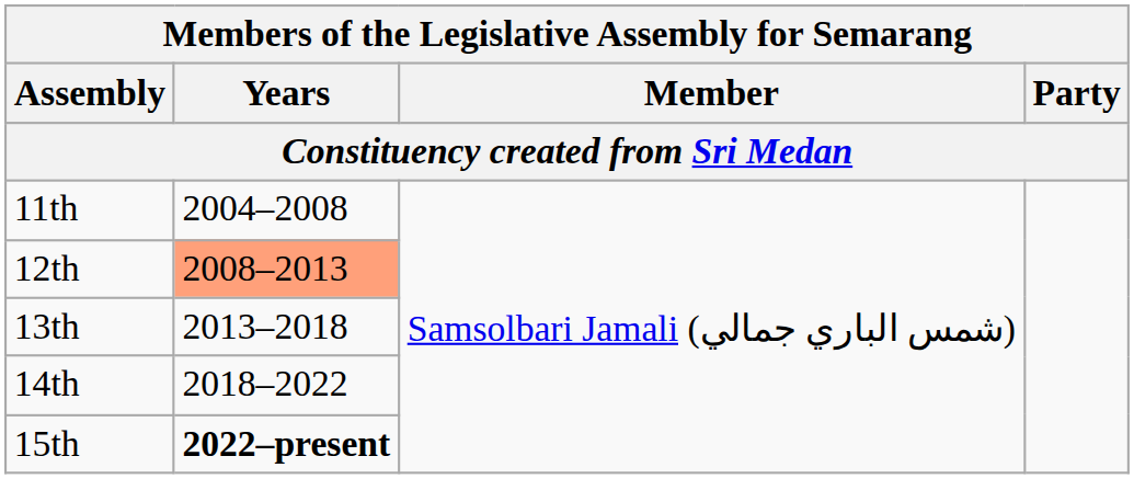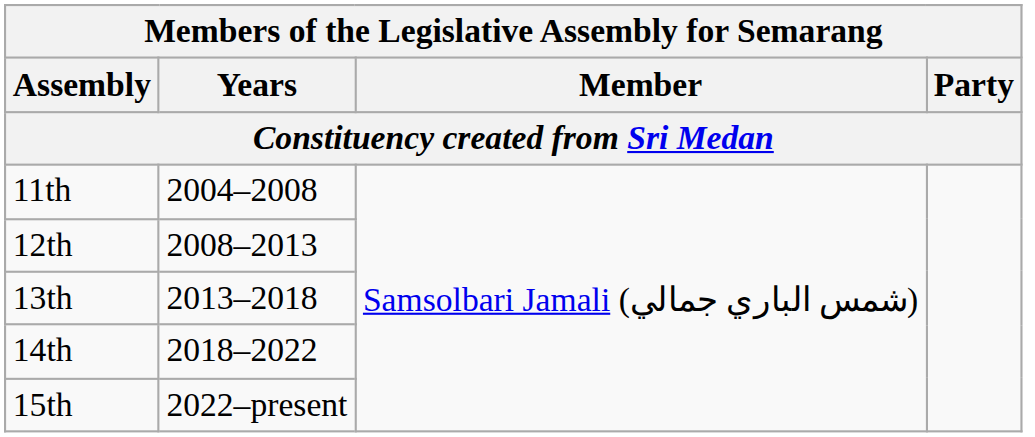 <table class="wikitable">
 <tr>
 <th colspan="4">Members of the Legislative Assembly for Semarang</th>
 </tr>
 <tr>
 <th>Assembly</th>
 <th>Years</th>
 <th>Member</th>
 <th>Party</th>
 </tr>
 <tr>
 <th colspan="4"><em>Constituency created from <a href='#'>Sri Medan</a></em></th>
 </tr>
 <tr>
 <td>11th</td>
 <td>2004–2008</td>
 <td rowspan="5"><a href='#'>Samsolbari Jamali</a> (شمس الباري جمالي)</td>
 <td rowspan="5"></td>
 </tr>
 <tr>
 <td>12th</td>
-<td style="background: lightsalmon;">2008–2013</td>
+<td>2008–2013</td>
 </tr>
 <tr>
 <td>13th</td>
 <td>2013–2018</td>
 </tr>
 <tr>
 <td>14th</td>
 <td>2018–2022</td>
 </tr>
 <tr>
 <td>15th</td>
-<td><strong>2022–present</strong></td>
+<td>2022–present</td>
 </tr>
 </table>
